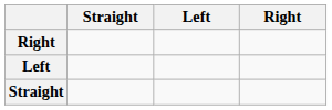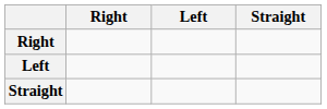 <table class="wikitable floatright">
 <tr>
 <th></th>
+<th style="width:5em">Right</th>
+<th style="width:5em">Left</th>
 <th style="width:5em">Straight</th>
-<th style="width:5em">Left</th>
-<th style="width:5em">Right</th>
 </tr>
 <tr>
 <th>Right</th>
 <td></td>
 <td></td>
 <td></td>
 </tr>
 <tr>
 <th>Left</th>
 <td></td>
 <td></td>
 <td></td>
 </tr>
 <tr>
 <th>Straight</th>
 <td></td>
 <td></td>
 <td></td>
 </tr>
 </table>
